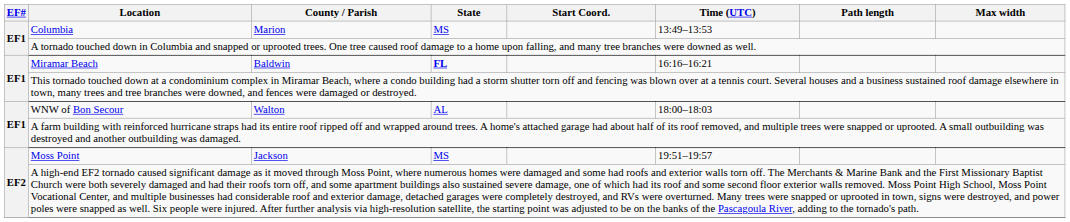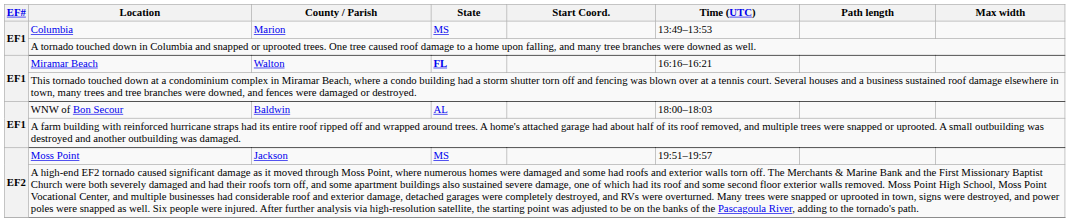 <table class="wikitable sortable" style="width:100%;">
 <tr>
 <th scope="col" width="2%" align="center"><a href='#'>EF#</a></th>
 <th scope="col" align="center" class="unsortable">Location</th>
 <th scope="col" align="center" class="unsortable">County / Parish</th>
 <th scope="col" align="center">State</th>
 <th scope="col" align="center">Start Coord.</th>
 <th scope="col" align="center">Time (<a href='#'>UTC</a>)</th>
 <th scope="col" align="center">Path length</th>
 <th scope="col" align="center">Max width</th>
 </tr>
 <tr>
 <th scope="row" rowspan="2" style="background-color:#">EF1</th>
 <td><a href='#'>Columbia</a></td>
 <td><a href='#'>Marion</a></td>
 <td><a href='#'>MS</a></td>
 <td></td>
 <td>13:49–13:53</td>
 <td></td>
 <td></td>
 </tr>
 <tr class="expand-child">
 <td colspan="8" style=" border-bottom: 1px solid black;">A tornado touched down in Columbia and snapped or uprooted trees. One tree caused roof damage to a home upon falling, and many tree branches were downed as well.</td>
 </tr>
 <tr>
 <th scope="row" rowspan="2" style="background-color:#">EF1</th>
 <td><a href='#'>Miramar Beach</a></td>
-<td><a href='#'>Baldwin</a></td>
+<td><a href='#'>Walton</a></td>
 <td><strong><a href='#'>FL</a></strong></td>
 <td></td>
 <td>16:16–16:21</td>
 <td></td>
 <td></td>
 </tr>
 <tr class="expand-child">
 <td colspan="8" style=" border-bottom: 1px solid black;">This tornado touched down at a condominium complex in Miramar Beach, where a condo building had a storm shutter torn off and fencing was blown over at a tennis court. Several houses and a business sustained roof damage elsewhere in town, many trees and tree branches were downed, and fences were damaged or destroyed.</td>
 </tr>
 <tr>
 <th scope="row" rowspan="2" style="background-color:#">EF1</th>
 <td>WNW of <a href='#'>Bon Secour</a></td>
-<td><a href='#'>Walton</a></td>
+<td><a href='#'>Baldwin</a></td>
 <td><a href='#'>AL</a></td>
 <td></td>
 <td>18:00–18:03</td>
 <td></td>
 <td></td>
 </tr>
 <tr class="expand-child">
 <td colspan="8" style=" border-bottom: 1px solid black;">A farm building with reinforced hurricane straps had its entire roof ripped off and wrapped around trees. A home's attached garage had about half of its roof removed, and multiple trees were snapped or uprooted. A small outbuilding was destroyed and another outbuilding was damaged.</td>
 </tr>
 <tr>
 <th scope="row" rowspan="2" style="background-color:#">EF2</th>
 <td><a href='#'>Moss Point</a></td>
 <td><a href='#'>Jackson</a></td>
 <td><a href='#'>MS</a></td>
 <td></td>
 <td>19:51–19:57</td>
 <td></td>
 <td></td>
 </tr>
 <tr class="expand-child">
 <td colspan="8" style=" border-bottom: 1px solid black;">A high-end EF2 tornado caused significant damage as it moved through Moss Point, where numerous homes were damaged and some had roofs and exterior walls torn off. The Merchants & Marine Bank and the First Missionary Baptist Church were both severely damaged and had their roofs torn off, and some apartment buildings also sustained severe damage, one of which had its roof and some second floor exterior walls removed. Moss Point High School, Moss Point Vocational Center, and multiple businesses had considerable roof and exterior damage, detached garages were completely destroyed, and RVs were overturned. Many trees were snapped or uprooted in town, signs were destroyed, and power poles were snapped as well. Six people were injured. After further analysis via high-resolution satellite, the starting point was adjusted to be on the banks of the <a href='#'>Pascagoula River</a>, adding  to the tornado's path.</td>
 </tr>
 <tr>
 </tr>
 </table>
